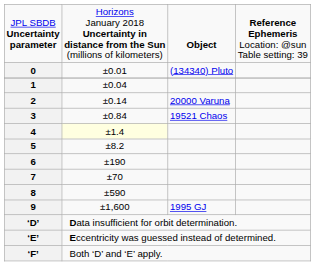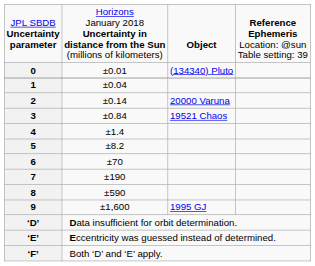 <table class="wikitable floatright" style="text-align:center; font-size:0.9em;">
 <tr style="align:center;vertical-align:bottom;">
 <td><a href='#'>JPL SBDB</a><br><strong>Uncertainty<br>parameter</strong><br>  </td>
 <td><a href='#'>Horizons</a><br>January 2018<br><strong>Uncertainty in<br>distance from the Sun</strong><br>(millions of kilometers)</td>
 <td><strong>Object</strong><br>  </td>
 <td><strong>Reference<br>Ephemeris</strong><br>Location: @sun<br>Table setting: 39</td>
 </tr>
 <tr>
 <th>0</th>
 <td>±0.01</td>
 <td align=left><a href='#'>(134340) Pluto</a></td>
 <td></td>
 </tr>
 <tr>
 </tr>
 <tr>
 <th>1</th>
 <td>±0.04</td>
 <td align=left></td>
 <td></td>
 </tr>
 <tr>
 <th>2</th>
 <td>±0.14</td>
 <td align=left><a href='#'>20000 Varuna</a></td>
 <td></td>
 </tr>
 <tr>
 <th>3</th>
 <td>±0.84</td>
 <td align=left><a href='#'>19521 Chaos</a></td>
 <td></td>
 </tr>
 <tr>
 <th>4</th>
-<td style="background: lightyellow;">±1.4</td>
+<td>±1.4</td>
 <td align=left></td>
 <td></td>
 </tr>
 <tr>
 <th>5</th>
 <td>±8.2</td>
 <td align=left></td>
 <td></td>
 </tr>
 <tr>
 <th>6</th>
-<td>±190</td>
+<td>±70</td>
 <td align=left></td>
 <td></td>
 </tr>
 <tr>
 <th>7</th>
-<td>±70</td>
+<td>±190</td>
 <td align=left></td>
 <td></td>
 </tr>
 <tr>
 <th>8 </th>
 <td>±590</td>
 <td align=left></td>
 <td></td>
 </tr>
 <tr>
 <th>9</th>
 <td>±1,600</td>
 <td align=left><a href='#'>1995 GJ</a></td>
 <td></td>
 </tr>
 <tr>
 <th>‘D’</th>
 <td colspan="3;" align=left>  <strong>D</strong>ata insufficient for orbit determination.</td>
 </tr>
 <tr>
 <th>‘E’</th>
 <td colspan="3;" align=left>  <strong>E</strong>ccentricity was guessed instead of determined.</td>
 </tr>
 <tr>
 <th>‘F’</th>
 <td colspan="3;" align=left>  Both ‘D’ and ‘E’ apply.</td>
 </tr>
 </table>
